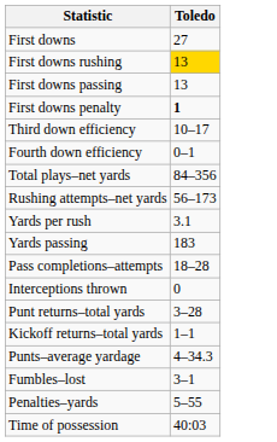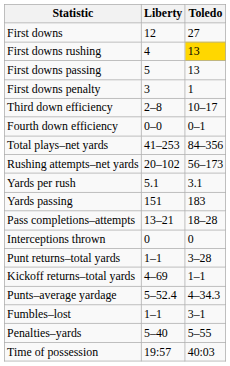 <table class="wikitable">
 <tr>
 <th>Statistic</th>
+<th><strong>Liberty</strong></th>
 <th><strong>Toledo</strong></th>
 </tr>
 <tr>
 <td>First downs</td>
+<td>12</td>
 <td>27</td>
 </tr>
 <tr>
 <td>First downs rushing</td>
+<td>4</td>
 <td style="background: gold;">13</td>
 </tr>
 <tr>
 <td>First downs passing</td>
+<td>5</td>
 <td>13</td>
 </tr>
 <tr>
 <td>First downs penalty</td>
-<td><strong>1</strong></td>
+<td>3</td>
+<td>1</td>
 </tr>
 <tr>
 <td>Third down efficiency</td>
+<td>2–8</td>
 <td>10–17</td>
 </tr>
 <tr>
 <td>Fourth down efficiency</td>
+<td>0–0</td>
 <td>0–1</td>
 </tr>
 <tr>
 <td>Total plays–net yards</td>
+<td>41–253</td>
 <td>84–356</td>
 </tr>
 <tr>
 <td>Rushing attempts–net yards</td>
+<td>20–102</td>
 <td>56–173</td>
 </tr>
 <tr>
 <td>Yards per rush</td>
+<td>5.1</td>
 <td>3.1</td>
 </tr>
 <tr>
 <td>Yards passing</td>
+<td>151</td>
 <td>183</td>
 </tr>
 <tr>
 <td>Pass completions–attempts</td>
+<td>13–21</td>
 <td>18–28</td>
 </tr>
 <tr>
 <td>Interceptions thrown</td>
 <td>0</td>
+<td>0</td>
 </tr>
 <tr>
 <td>Punt returns–total yards</td>
+<td>1–1</td>
 <td>3–28</td>
 </tr>
 <tr>
 <td>Kickoff returns–total yards</td>
+<td>4–69</td>
 <td>1–1</td>
 </tr>
 <tr>
 <td>Punts–average yardage</td>
+<td>5–52.4</td>
 <td>4–34.3</td>
 </tr>
 <tr>
 <td>Fumbles–lost</td>
+<td>1–1</td>
 <td>3–1</td>
 </tr>
 <tr>
 <td>Penalties–yards</td>
+<td>5–40</td>
 <td>5–55</td>
 </tr>
 <tr>
 <td>Time of possession</td>
+<td>19:57</td>
 <td>40:03</td>
 </tr>
 </table>
